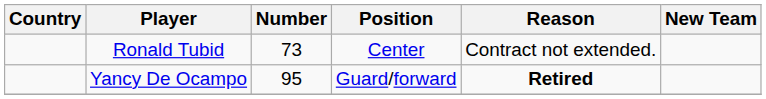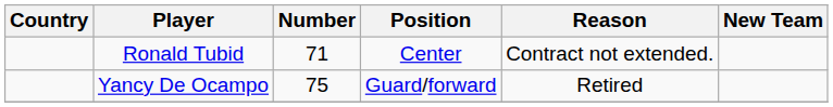 <table class="wikitable sortable sortable">
 <tr>
 <th>Country</th>
 <th>Player</th>
 <th>Number</th>
 <th>Position</th>
 <th>Reason</th>
 <th>New Team</th>
 </tr>
 <tr>
 <td align=center></td>
 <td align=center><a href='#'>Ronald Tubid</a></td>
-<td align=center>73</td>
+<td align=center>71</td>
 <td align=center><a href='#'>Center</a></td>
 <td align=center>Contract not extended.</td>
 <td></td>
 </tr>
 <tr>
 <td align=center></td>
 <td align=center><a href='#'>Yancy De Ocampo</a></td>
-<td align=center>95</td>
+<td align=center>75</td>
 <td align=center><a href='#'>Guard</a>/<a href='#'>forward</a></td>
-<td align=center><strong>Retired</strong></td>
+<td align=center>Retired</td>
 <td></td>
 </tr>
 <tr>
 </tr>
 </table>
